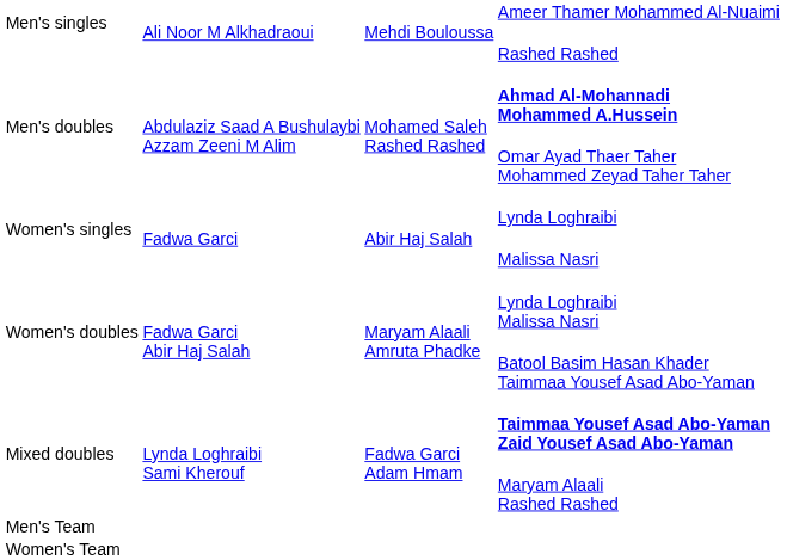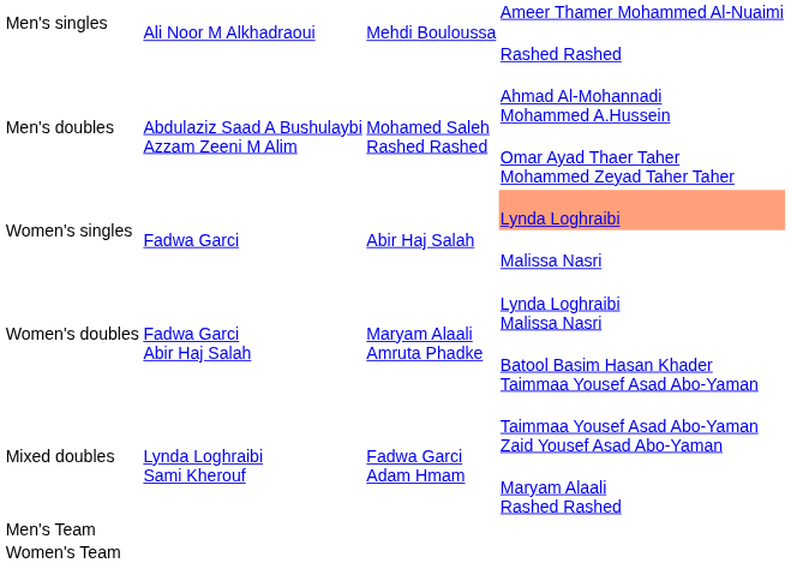 <table>
 <tr>
 <td rowspan=2>Men's singles</td>
 <td rowspan=2><br><a href='#'>Ali Noor M Alkhadraoui</a></td>
 <td rowspan=2><br><a href='#'>Mehdi Bouloussa</a></td>
 <td><br><a href='#'>Ameer Thamer Mohammed Al-Nuaimi</a></td>
 </tr>
 <tr>
 <td><br><a href='#'>Rashed Rashed</a></td>
 </tr>
 <tr>
 <td rowspan=2>Men's doubles</td>
 <td rowspan=2><br><a href='#'>Abdulaziz Saad A Bushulaybi</a><br><a href='#'>Azzam Zeeni M Alim</a></td>
 <td rowspan=2><br><a href='#'>Mohamed Saleh</a><br><a href='#'>Rashed Rashed</a></td>
-<td><strong><br><a href='#'>Ahmad Al-Mohannadi</a><br><a href='#'>Mohammed A.Hussein</a></strong></td>
+<td><br><a href='#'>Ahmad Al-Mohannadi</a><br><a href='#'>Mohammed A.Hussein</a></td>
 </tr>
 <tr>
 <td><br><a href='#'>Omar Ayad Thaer Taher</a><br><a href='#'>Mohammed Zeyad Taher Taher</a></td>
 </tr>
 <tr>
 <td rowspan=2>Women's singles</td>
 <td rowspan=2><br><a href='#'>Fadwa Garci</a></td>
 <td rowspan=2><br><a href='#'>Abir Haj Salah</a></td>
-<td><br><a href='#'>Lynda Loghraibi</a></td>
+<td style="background: lightsalmon;"><br><a href='#'>Lynda Loghraibi</a></td>
 </tr>
 <tr>
 <td><br><a href='#'>Malissa Nasri</a></td>
 </tr>
 <tr>
 <td rowspan=2>Women's doubles</td>
 <td rowspan=2><br><a href='#'>Fadwa Garci</a><br><a href='#'>Abir Haj Salah</a></td>
 <td rowspan=2><br><a href='#'>Maryam Alaali</a><br><a href='#'>Amruta Phadke</a></td>
 <td><br><a href='#'>Lynda Loghraibi</a><br><a href='#'>Malissa Nasri</a></td>
 </tr>
 <tr>
 <td><br><a href='#'>Batool Basim Hasan Khader</a><br><a href='#'>Taimmaa Yousef Asad Abo-Yaman</a></td>
 </tr>
 <tr>
 <td rowspan=2>Mixed doubles</td>
 <td rowspan=2><br><a href='#'>Lynda Loghraibi</a><br><a href='#'>Sami Kherouf</a></td>
 <td rowspan=2><br><a href='#'>Fadwa Garci</a><br><a href='#'>Adam Hmam</a></td>
-<td><strong><br><a href='#'>Taimmaa Yousef Asad Abo-Yaman</a><br><a href='#'>Zaid Yousef Asad Abo-Yaman</a></strong></td>
+<td><br><a href='#'>Taimmaa Yousef Asad Abo-Yaman</a><br><a href='#'>Zaid Yousef Asad Abo-Yaman</a></td>
 </tr>
 <tr>
 <td><br><a href='#'>Maryam Alaali</a><br><a href='#'>Rashed Rashed</a></td>
 </tr>
 <tr>
 <td rowspan=2>Men's Team</td>
 <td rowspan=2></td>
 <td rowspan=2></td>
 <td></td>
 </tr>
 <tr>
 <td></td>
 </tr>
 <tr>
 <td rowspan=2>Women's Team</td>
 <td rowspan=2></td>
 <td rowspan=2></td>
 <td></td>
 </tr>
 <tr>
 <td></td>
 </tr>
 </table>
